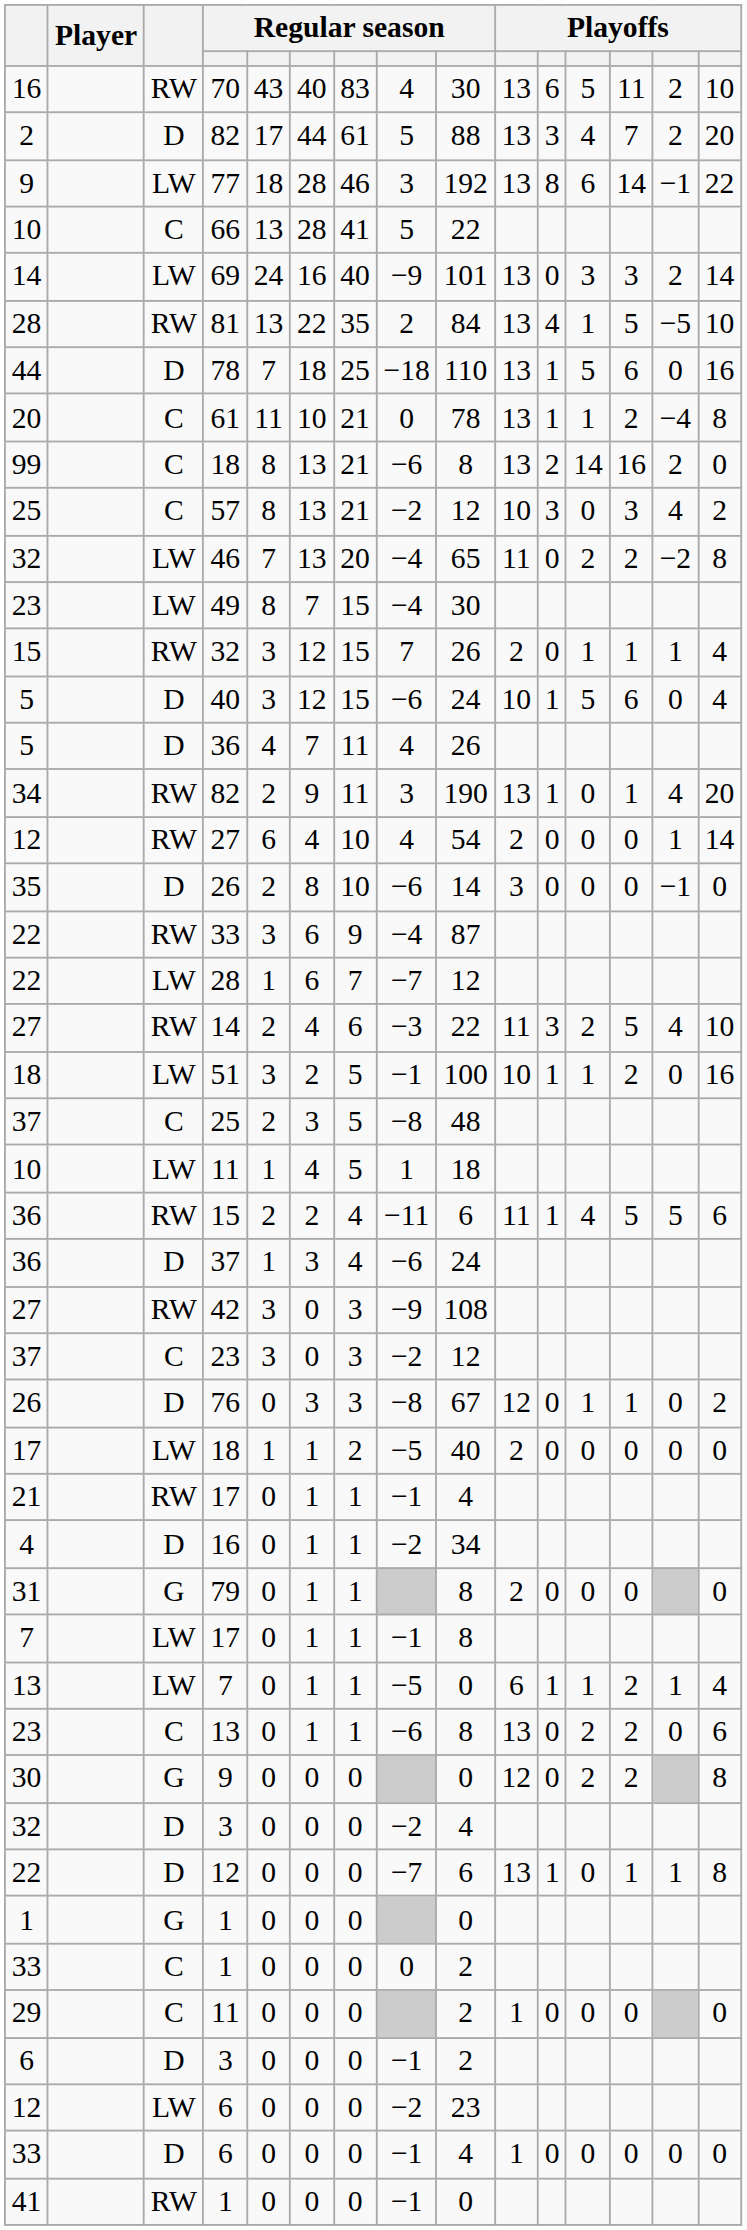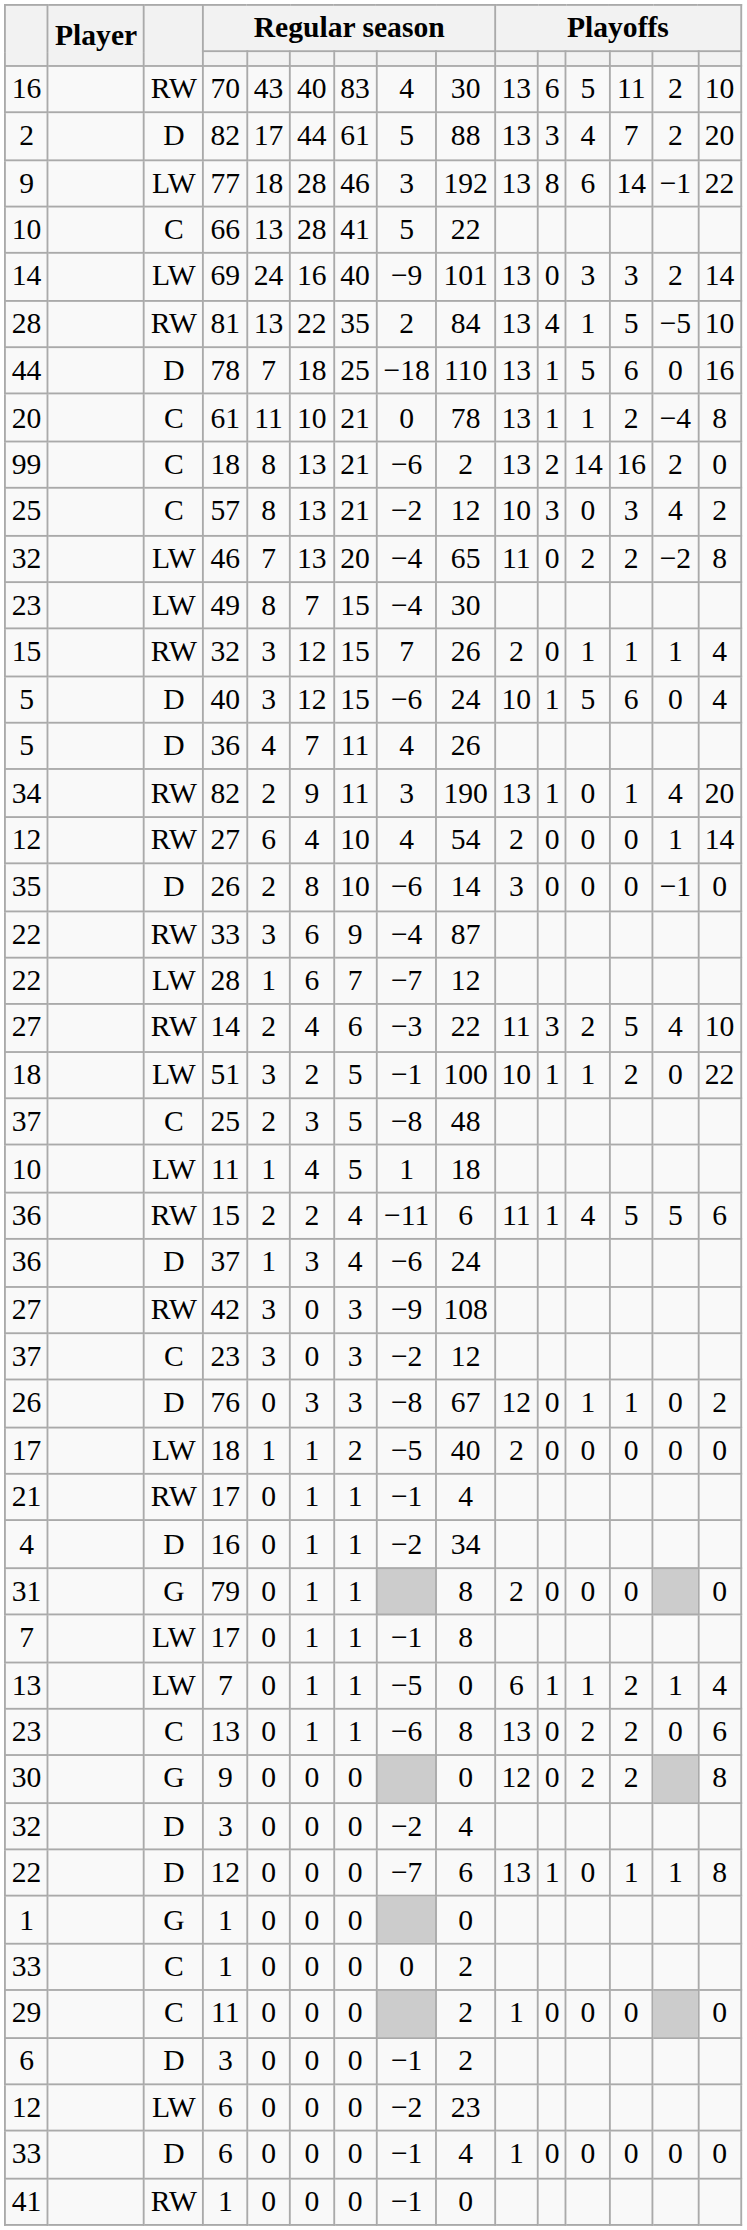 <table class="wikitable sortable plainrowheaders" style="text-align:center;">
 <tr>
 <th scope="col" data-sort-type="number" rowspan="2"></th>
 <th scope="col" rowspan="2">Player</th>
 <th scope="col" rowspan="2"></th>
 <th scope=colgroup colspan=6>Regular season</th>
 <th scope=colgroup colspan=6>Playoffs</th>
 </tr>
 <tr>
 <th scope="col" data-sort-type="number"></th>
 <th scope="col" data-sort-type="number"></th>
 <th scope="col" data-sort-type="number"></th>
 <th scope="col" data-sort-type="number"></th>
 <th scope="col" data-sort-type="number"></th>
 <th scope="col" data-sort-type="number"></th>
 <th scope="col" data-sort-type="number"></th>
 <th scope="col" data-sort-type="number"></th>
 <th scope="col" data-sort-type="number"></th>
 <th scope="col" data-sort-type="number"></th>
 <th scope="col" data-sort-type="number"></th>
 <th scope="col" data-sort-type="number"></th>
 </tr>
 <tr>
 <td scope="row">16</td>
 <td align="left"></td>
 <td>RW</td>
 <td>70</td>
 <td>43</td>
 <td>40</td>
 <td>83</td>
 <td>4</td>
 <td>30</td>
 <td>13</td>
 <td>6</td>
 <td>5</td>
 <td>11</td>
 <td>2</td>
 <td>10</td>
 </tr>
 <tr>
 <td scope="row">2</td>
 <td align="left"></td>
 <td>D</td>
 <td>82</td>
 <td>17</td>
 <td>44</td>
 <td>61</td>
 <td>5</td>
 <td>88</td>
 <td>13</td>
 <td>3</td>
 <td>4</td>
 <td>7</td>
 <td>2</td>
 <td>20</td>
 </tr>
 <tr>
 <td scope="row">9</td>
 <td align="left"></td>
 <td>LW</td>
 <td>77</td>
 <td>18</td>
 <td>28</td>
 <td>46</td>
 <td>3</td>
 <td>192</td>
 <td>13</td>
 <td>8</td>
 <td>6</td>
 <td>14</td>
 <td>−1</td>
 <td>22</td>
 </tr>
 <tr>
 <td scope="row">10</td>
 <td align="left"></td>
 <td>C</td>
 <td>66</td>
 <td>13</td>
 <td>28</td>
 <td>41</td>
 <td>5</td>
 <td>22</td>
 <td></td>
 <td></td>
 <td></td>
 <td></td>
 <td></td>
 <td></td>
 </tr>
 <tr>
 <td scope="row">14</td>
 <td align="left"></td>
 <td>LW</td>
 <td>69</td>
 <td>24</td>
 <td>16</td>
 <td>40</td>
 <td>−9</td>
 <td>101</td>
 <td>13</td>
 <td>0</td>
 <td>3</td>
 <td>3</td>
 <td>2</td>
 <td>14</td>
 </tr>
 <tr>
 <td scope="row">28</td>
 <td align="left"></td>
 <td>RW</td>
 <td>81</td>
 <td>13</td>
 <td>22</td>
 <td>35</td>
 <td>2</td>
 <td>84</td>
 <td>13</td>
 <td>4</td>
 <td>1</td>
 <td>5</td>
 <td>−5</td>
 <td>10</td>
 </tr>
 <tr>
 <td scope="row">44</td>
 <td align="left"></td>
 <td>D</td>
 <td>78</td>
 <td>7</td>
 <td>18</td>
 <td>25</td>
 <td>−18</td>
 <td>110</td>
 <td>13</td>
 <td>1</td>
 <td>5</td>
 <td>6</td>
 <td>0</td>
 <td>16</td>
 </tr>
 <tr>
 <td scope="row">20</td>
 <td align="left"></td>
 <td>C</td>
 <td>61</td>
 <td>11</td>
 <td>10</td>
 <td>21</td>
 <td>0</td>
 <td>78</td>
 <td>13</td>
 <td>1</td>
 <td>1</td>
 <td>2</td>
 <td>−4</td>
 <td>8</td>
 </tr>
 <tr>
 <td scope="row">99</td>
 <td align="left"></td>
 <td>C</td>
 <td>18</td>
 <td>8</td>
 <td>13</td>
 <td>21</td>
 <td>−6</td>
-<td>8</td>
+<td>2</td>
 <td>13</td>
 <td>2</td>
 <td>14</td>
 <td>16</td>
 <td>2</td>
 <td>0</td>
 </tr>
 <tr>
 <td scope="row">25</td>
 <td align="left"></td>
 <td>C</td>
 <td>57</td>
 <td>8</td>
 <td>13</td>
 <td>21</td>
 <td>−2</td>
 <td>12</td>
 <td>10</td>
 <td>3</td>
 <td>0</td>
 <td>3</td>
 <td>4</td>
 <td>2</td>
 </tr>
 <tr>
 <td scope="row">32</td>
 <td align="left"></td>
 <td>LW</td>
 <td>46</td>
 <td>7</td>
 <td>13</td>
 <td>20</td>
 <td>−4</td>
 <td>65</td>
 <td>11</td>
 <td>0</td>
 <td>2</td>
 <td>2</td>
 <td>−2</td>
 <td>8</td>
 </tr>
 <tr>
 <td scope="row">23</td>
 <td align="left"></td>
 <td>LW</td>
 <td>49</td>
 <td>8</td>
 <td>7</td>
 <td>15</td>
 <td>−4</td>
 <td>30</td>
 <td></td>
 <td></td>
 <td></td>
 <td></td>
 <td></td>
 <td></td>
 </tr>
 <tr>
 <td scope="row">15</td>
 <td align="left"></td>
 <td>RW</td>
 <td>32</td>
 <td>3</td>
 <td>12</td>
 <td>15</td>
 <td>7</td>
 <td>26</td>
 <td>2</td>
 <td>0</td>
 <td>1</td>
 <td>1</td>
 <td>1</td>
 <td>4</td>
 </tr>
 <tr>
 <td scope="row">5</td>
 <td align="left"></td>
 <td>D</td>
 <td>40</td>
 <td>3</td>
 <td>12</td>
 <td>15</td>
 <td>−6</td>
 <td>24</td>
 <td>10</td>
 <td>1</td>
 <td>5</td>
 <td>6</td>
 <td>0</td>
 <td>4</td>
 </tr>
 <tr>
 <td scope="row">5</td>
 <td align="left"></td>
 <td>D</td>
 <td>36</td>
 <td>4</td>
 <td>7</td>
 <td>11</td>
 <td>4</td>
 <td>26</td>
 <td></td>
 <td></td>
 <td></td>
 <td></td>
 <td></td>
 <td></td>
 </tr>
 <tr>
 <td scope="row">34</td>
 <td align="left"></td>
 <td>RW</td>
 <td>82</td>
 <td>2</td>
 <td>9</td>
 <td>11</td>
 <td>3</td>
 <td>190</td>
 <td>13</td>
 <td>1</td>
 <td>0</td>
 <td>1</td>
 <td>4</td>
 <td>20</td>
 </tr>
 <tr>
 <td scope="row">12</td>
 <td align="left"></td>
 <td>RW</td>
 <td>27</td>
 <td>6</td>
 <td>4</td>
 <td>10</td>
 <td>4</td>
 <td>54</td>
 <td>2</td>
 <td>0</td>
 <td>0</td>
 <td>0</td>
 <td>1</td>
 <td>14</td>
 </tr>
 <tr>
 <td scope="row">35</td>
 <td align="left"></td>
 <td>D</td>
 <td>26</td>
 <td>2</td>
 <td>8</td>
 <td>10</td>
 <td>−6</td>
 <td>14</td>
 <td>3</td>
 <td>0</td>
 <td>0</td>
 <td>0</td>
 <td>−1</td>
 <td>0</td>
 </tr>
 <tr>
 <td scope="row">22</td>
 <td align="left"></td>
 <td>RW</td>
 <td>33</td>
 <td>3</td>
 <td>6</td>
 <td>9</td>
 <td>−4</td>
 <td>87</td>
 <td></td>
 <td></td>
 <td></td>
 <td></td>
 <td></td>
 <td></td>
 </tr>
 <tr>
 <td scope="row">22</td>
 <td align="left"></td>
 <td>LW</td>
 <td>28</td>
 <td>1</td>
 <td>6</td>
 <td>7</td>
 <td>−7</td>
 <td>12</td>
 <td></td>
 <td></td>
 <td></td>
 <td></td>
 <td></td>
 <td></td>
 </tr>
 <tr>
 <td scope="row">27</td>
 <td align="left"></td>
 <td>RW</td>
 <td>14</td>
 <td>2</td>
 <td>4</td>
 <td>6</td>
 <td>−3</td>
 <td>22</td>
 <td>11</td>
 <td>3</td>
 <td>2</td>
 <td>5</td>
 <td>4</td>
 <td>10</td>
 </tr>
 <tr>
 <td scope="row">18</td>
 <td align="left"></td>
 <td>LW</td>
 <td>51</td>
 <td>3</td>
 <td>2</td>
 <td>5</td>
 <td>−1</td>
 <td>100</td>
 <td>10</td>
 <td>1</td>
 <td>1</td>
 <td>2</td>
 <td>0</td>
-<td>16</td>
+<td>22</td>
 </tr>
 <tr>
 <td scope="row">37</td>
 <td align="left"></td>
 <td>C</td>
 <td>25</td>
 <td>2</td>
 <td>3</td>
 <td>5</td>
 <td>−8</td>
 <td>48</td>
 <td></td>
 <td></td>
 <td></td>
 <td></td>
 <td></td>
 <td></td>
 </tr>
 <tr>
 <td scope="row">10</td>
 <td align="left"></td>
 <td>LW</td>
 <td>11</td>
 <td>1</td>
 <td>4</td>
 <td>5</td>
 <td>1</td>
 <td>18</td>
 <td></td>
 <td></td>
 <td></td>
 <td></td>
 <td></td>
 <td></td>
 </tr>
 <tr>
 <td scope="row">36</td>
 <td align="left"></td>
 <td>RW</td>
 <td>15</td>
 <td>2</td>
 <td>2</td>
 <td>4</td>
 <td>−11</td>
 <td>6</td>
 <td>11</td>
 <td>1</td>
 <td>4</td>
 <td>5</td>
 <td>5</td>
 <td>6</td>
 </tr>
 <tr>
 <td scope="row">36</td>
 <td align="left"></td>
 <td>D</td>
 <td>37</td>
 <td>1</td>
 <td>3</td>
 <td>4</td>
 <td>−6</td>
 <td>24</td>
 <td></td>
 <td></td>
 <td></td>
 <td></td>
 <td></td>
 <td></td>
 </tr>
 <tr>
 <td scope="row">27</td>
 <td align="left"></td>
 <td>RW</td>
 <td>42</td>
 <td>3</td>
 <td>0</td>
 <td>3</td>
 <td>−9</td>
 <td>108</td>
 <td></td>
 <td></td>
 <td></td>
 <td></td>
 <td></td>
 <td></td>
 </tr>
 <tr>
 <td scope="row">37</td>
 <td align="left"></td>
 <td>C</td>
 <td>23</td>
 <td>3</td>
 <td>0</td>
 <td>3</td>
 <td>−2</td>
 <td>12</td>
 <td></td>
 <td></td>
 <td></td>
 <td></td>
 <td></td>
 <td></td>
 </tr>
 <tr>
 <td scope="row">26</td>
 <td align="left"></td>
 <td>D</td>
 <td>76</td>
 <td>0</td>
 <td>3</td>
 <td>3</td>
 <td>−8</td>
 <td>67</td>
 <td>12</td>
 <td>0</td>
 <td>1</td>
 <td>1</td>
 <td>0</td>
 <td>2</td>
 </tr>
 <tr>
 <td scope="row">17</td>
 <td align="left"></td>
 <td>LW</td>
 <td>18</td>
 <td>1</td>
 <td>1</td>
 <td>2</td>
 <td>−5</td>
 <td>40</td>
 <td>2</td>
 <td>0</td>
 <td>0</td>
 <td>0</td>
 <td>0</td>
 <td>0</td>
 </tr>
 <tr>
 <td scope="row">21</td>
 <td align="left"></td>
 <td>RW</td>
 <td>17</td>
 <td>0</td>
 <td>1</td>
 <td>1</td>
 <td>−1</td>
 <td>4</td>
 <td></td>
 <td></td>
 <td></td>
 <td></td>
 <td></td>
 <td></td>
 </tr>
 <tr>
 <td scope="row">4</td>
 <td align="left"></td>
 <td>D</td>
 <td>16</td>
 <td>0</td>
 <td>1</td>
 <td>1</td>
 <td>−2</td>
 <td>34</td>
 <td></td>
 <td></td>
 <td></td>
 <td></td>
 <td></td>
 <td></td>
 </tr>
 <tr>
 <td scope="row">31</td>
 <td align="left"></td>
 <td>G</td>
 <td>79</td>
 <td>0</td>
 <td>1</td>
 <td>1</td>
 <td style="background:#ccc"></td>
 <td>8</td>
 <td>2</td>
 <td>0</td>
 <td>0</td>
 <td>0</td>
 <td style="background:#ccc"></td>
 <td>0</td>
 </tr>
 <tr>
 <td scope="row">7</td>
 <td align="left"></td>
 <td>LW</td>
 <td>17</td>
 <td>0</td>
 <td>1</td>
 <td>1</td>
 <td>−1</td>
 <td>8</td>
 <td></td>
 <td></td>
 <td></td>
 <td></td>
 <td></td>
 <td></td>
 </tr>
 <tr>
 <td scope="row">13</td>
 <td align="left"></td>
 <td>LW</td>
 <td>7</td>
 <td>0</td>
 <td>1</td>
 <td>1</td>
 <td>−5</td>
 <td>0</td>
 <td>6</td>
 <td>1</td>
 <td>1</td>
 <td>2</td>
 <td>1</td>
 <td>4</td>
 </tr>
 <tr>
 <td scope="row">23</td>
 <td align="left"></td>
 <td>C</td>
 <td>13</td>
 <td>0</td>
 <td>1</td>
 <td>1</td>
 <td>−6</td>
 <td>8</td>
 <td>13</td>
 <td>0</td>
 <td>2</td>
 <td>2</td>
 <td>0</td>
 <td>6</td>
 </tr>
 <tr>
 <td scope="row">30</td>
 <td align="left"></td>
 <td>G</td>
 <td>9</td>
 <td>0</td>
 <td>0</td>
 <td>0</td>
 <td style="background:#ccc"></td>
 <td>0</td>
 <td>12</td>
 <td>0</td>
 <td>2</td>
 <td>2</td>
 <td style="background:#ccc"></td>
 <td>8</td>
 </tr>
 <tr>
 <td scope="row">32</td>
 <td align="left"></td>
 <td>D</td>
 <td>3</td>
 <td>0</td>
 <td>0</td>
 <td>0</td>
 <td>−2</td>
 <td>4</td>
 <td></td>
 <td></td>
 <td></td>
 <td></td>
 <td></td>
 <td></td>
 </tr>
 <tr>
 <td scope="row">22</td>
 <td align="left"></td>
 <td>D</td>
 <td>12</td>
 <td>0</td>
 <td>0</td>
 <td>0</td>
 <td>−7</td>
 <td>6</td>
 <td>13</td>
 <td>1</td>
 <td>0</td>
 <td>1</td>
 <td>1</td>
 <td>8</td>
 </tr>
 <tr>
 <td scope="row">1</td>
 <td align="left"></td>
 <td>G</td>
 <td>1</td>
 <td>0</td>
 <td>0</td>
 <td>0</td>
 <td style="background:#ccc"></td>
 <td>0</td>
 <td></td>
 <td></td>
 <td></td>
 <td></td>
 <td></td>
 <td></td>
 </tr>
 <tr>
 <td scope="row">33</td>
 <td align="left"></td>
 <td>C</td>
 <td>1</td>
 <td>0</td>
 <td>0</td>
 <td>0</td>
 <td>0</td>
 <td>2</td>
 <td></td>
 <td></td>
 <td></td>
 <td></td>
 <td></td>
 <td></td>
 </tr>
 <tr>
 <td scope="row">29</td>
 <td align="left"></td>
 <td>C</td>
 <td>11</td>
 <td>0</td>
 <td>0</td>
 <td>0</td>
 <td style="background:#ccc"></td>
 <td>2</td>
 <td>1</td>
 <td>0</td>
 <td>0</td>
 <td>0</td>
 <td style="background:#ccc"></td>
 <td>0</td>
 </tr>
 <tr>
 <td scope="row">6</td>
 <td align="left"></td>
 <td>D</td>
 <td>3</td>
 <td>0</td>
 <td>0</td>
 <td>0</td>
 <td>−1</td>
 <td>2</td>
 <td></td>
 <td></td>
 <td></td>
 <td></td>
 <td></td>
 <td></td>
 </tr>
 <tr>
 <td scope="row">12</td>
 <td align="left"></td>
 <td>LW</td>
 <td>6</td>
 <td>0</td>
 <td>0</td>
 <td>0</td>
 <td>−2</td>
 <td>23</td>
 <td></td>
 <td></td>
 <td></td>
 <td></td>
 <td></td>
 <td></td>
 </tr>
 <tr>
 <td scope="row">33</td>
 <td align="left"></td>
 <td>D</td>
 <td>6</td>
 <td>0</td>
 <td>0</td>
 <td>0</td>
 <td>−1</td>
 <td>4</td>
 <td>1</td>
 <td>0</td>
 <td>0</td>
 <td>0</td>
 <td>0</td>
 <td>0</td>
 </tr>
 <tr>
 <td scope="row">41</td>
 <td align="left"></td>
 <td>RW</td>
 <td>1</td>
 <td>0</td>
 <td>0</td>
 <td>0</td>
 <td>−1</td>
 <td>0</td>
 <td></td>
 <td></td>
 <td></td>
 <td></td>
 <td></td>
 <td></td>
 </tr>
 </table>
